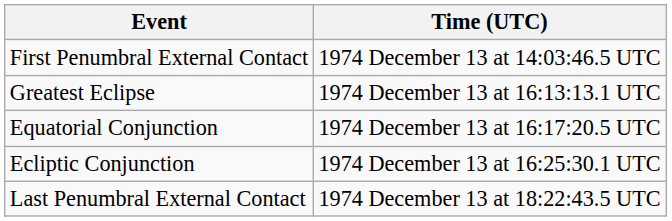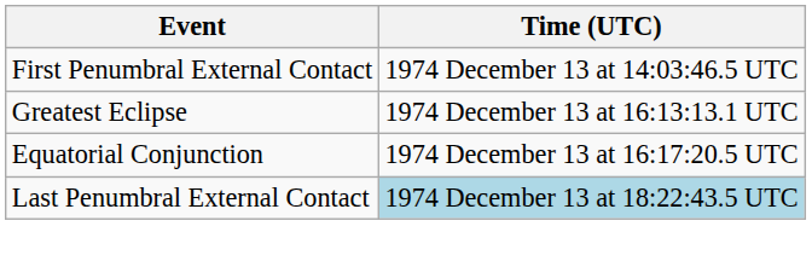 <table class="wikitable">
 <tr>
 <th>Event</th>
 <th>Time (UTC)</th>
 </tr>
 <tr>
 <td>First Penumbral External Contact</td>
 <td>1974 December 13 at 14:03:46.5 UTC</td>
 </tr>
 <tr>
 <td>Greatest Eclipse</td>
 <td>1974 December 13 at 16:13:13.1 UTC</td>
 </tr>
 <tr>
 <td>Equatorial Conjunction</td>
 <td>1974 December 13 at 16:17:20.5 UTC</td>
 </tr>
 <tr>
-<td>Ecliptic Conjunction</td>
-<td>1974 December 13 at 16:25:30.1 UTC</td>
-</tr>
-<tr>
 <td>Last Penumbral External Contact</td>
-<td>1974 December 13 at 18:22:43.5 UTC</td>
+<td style="background: lightblue;">1974 December 13 at 18:22:43.5 UTC</td>
 </tr>
 </table>
